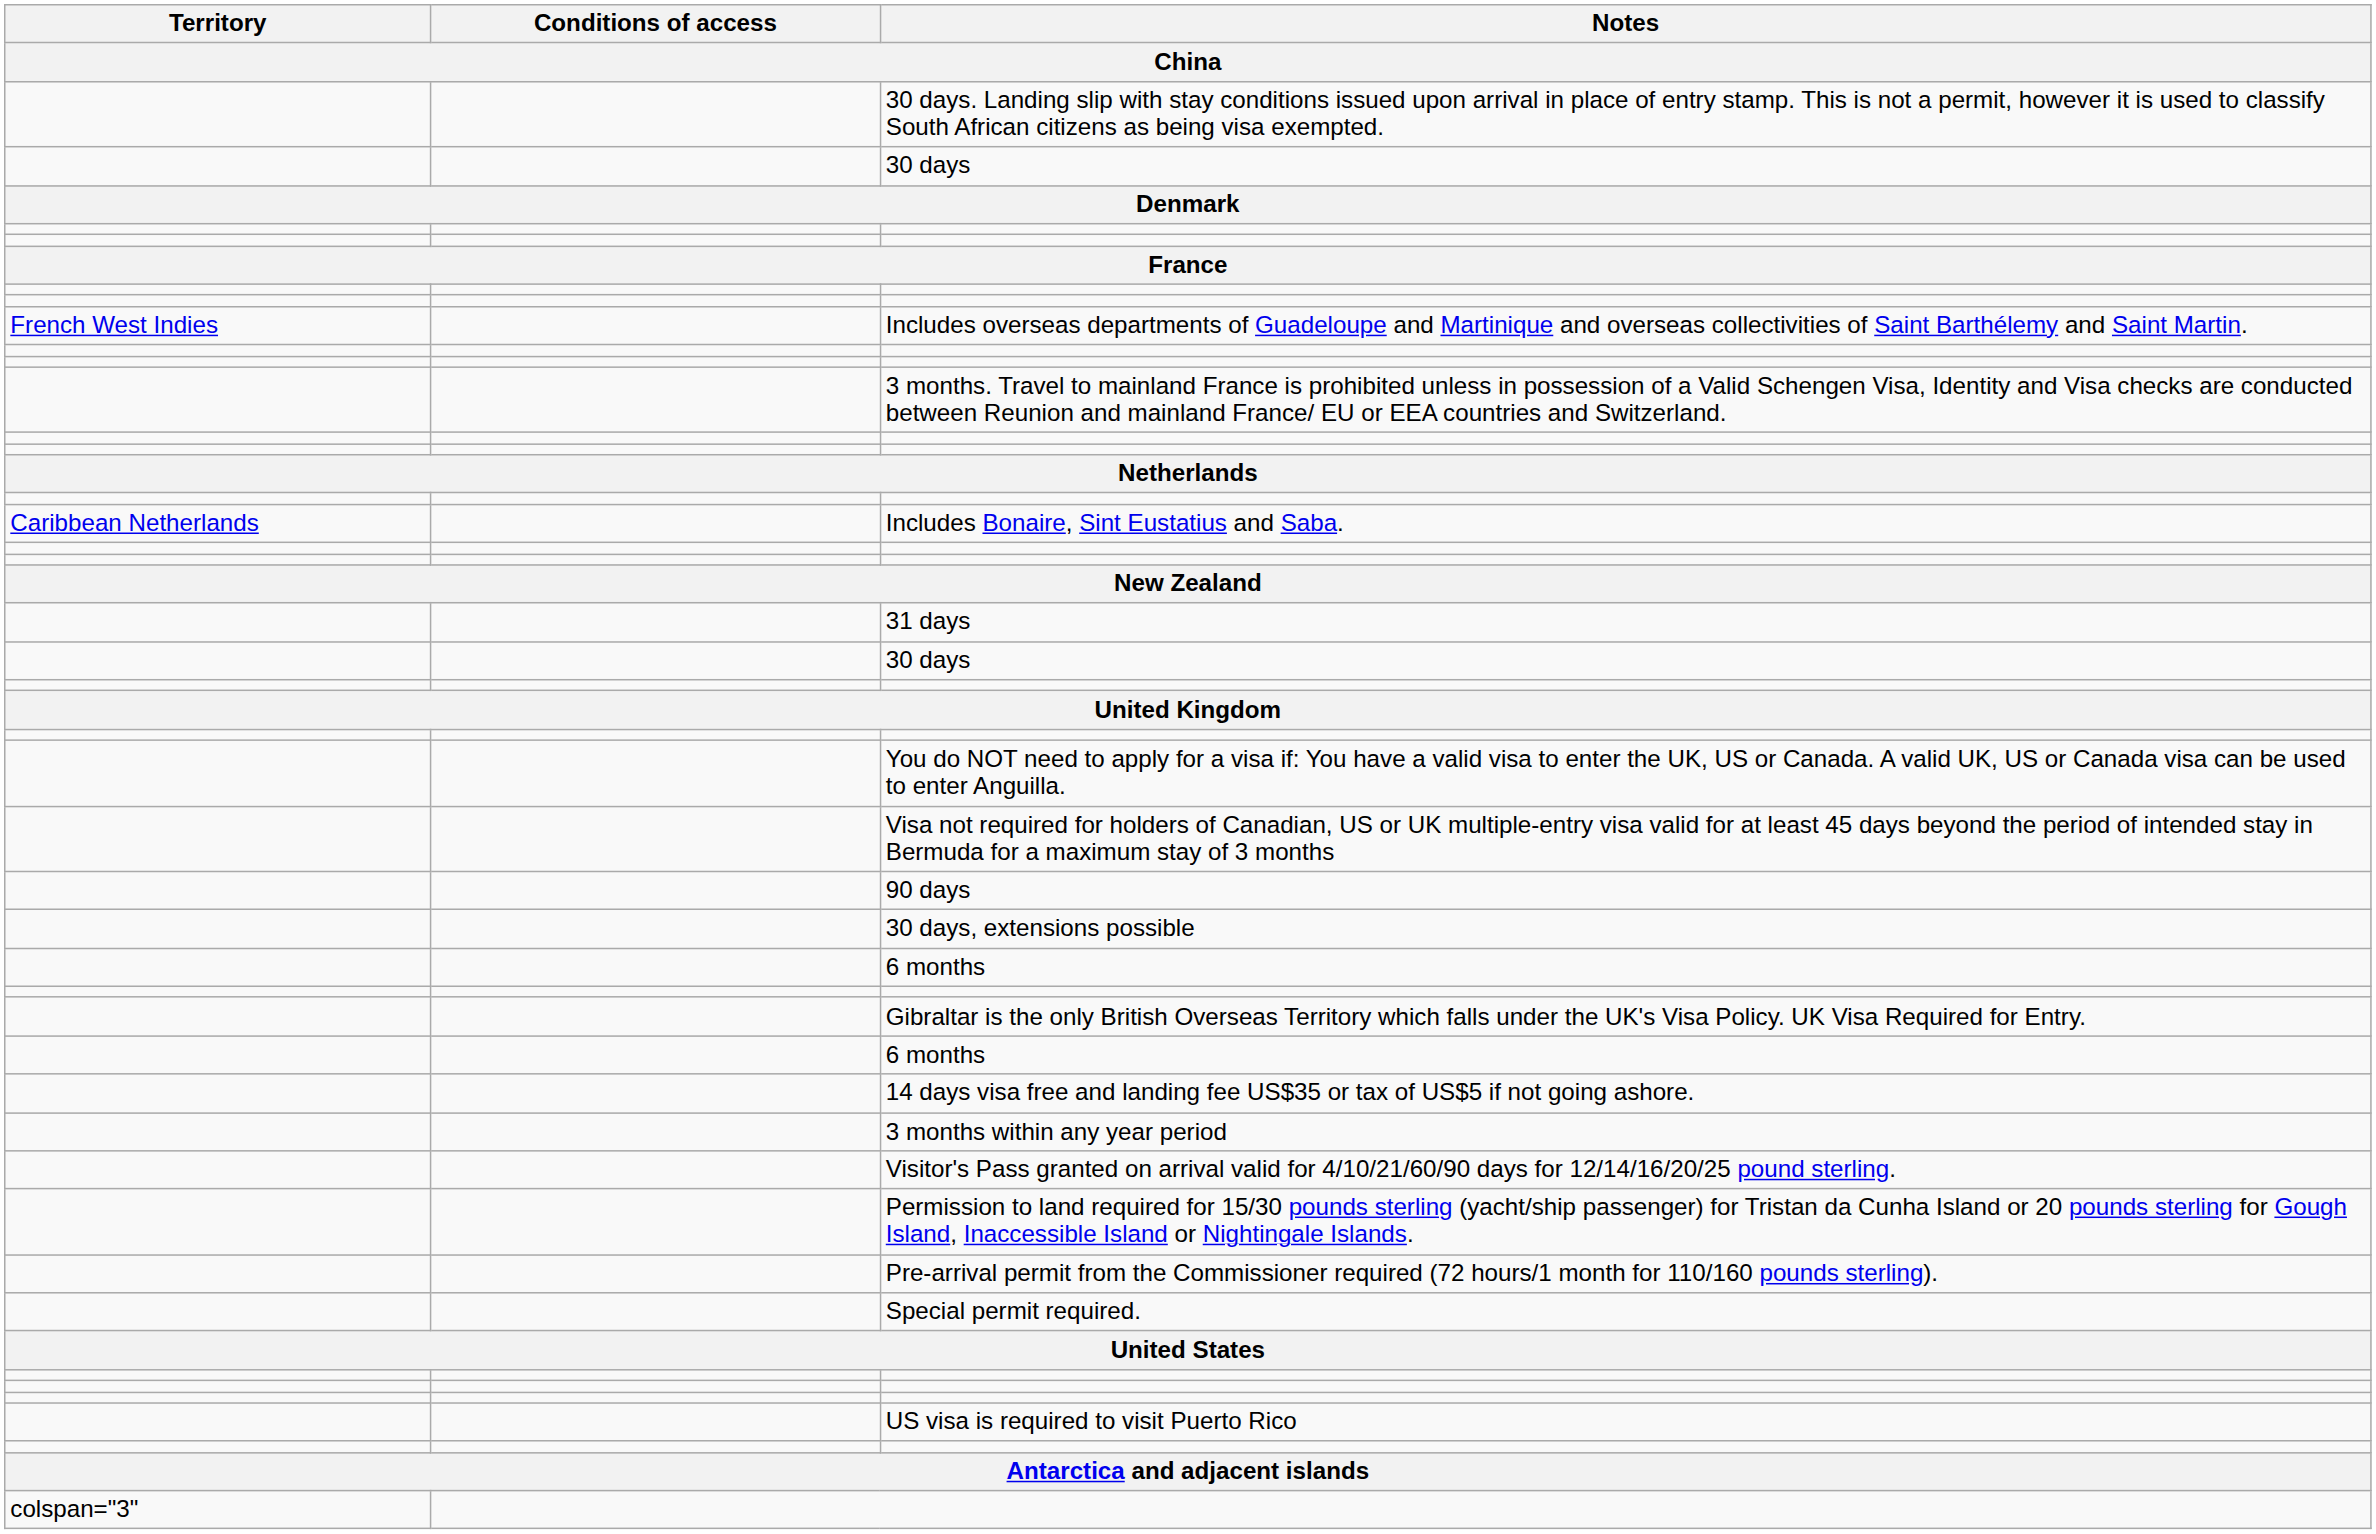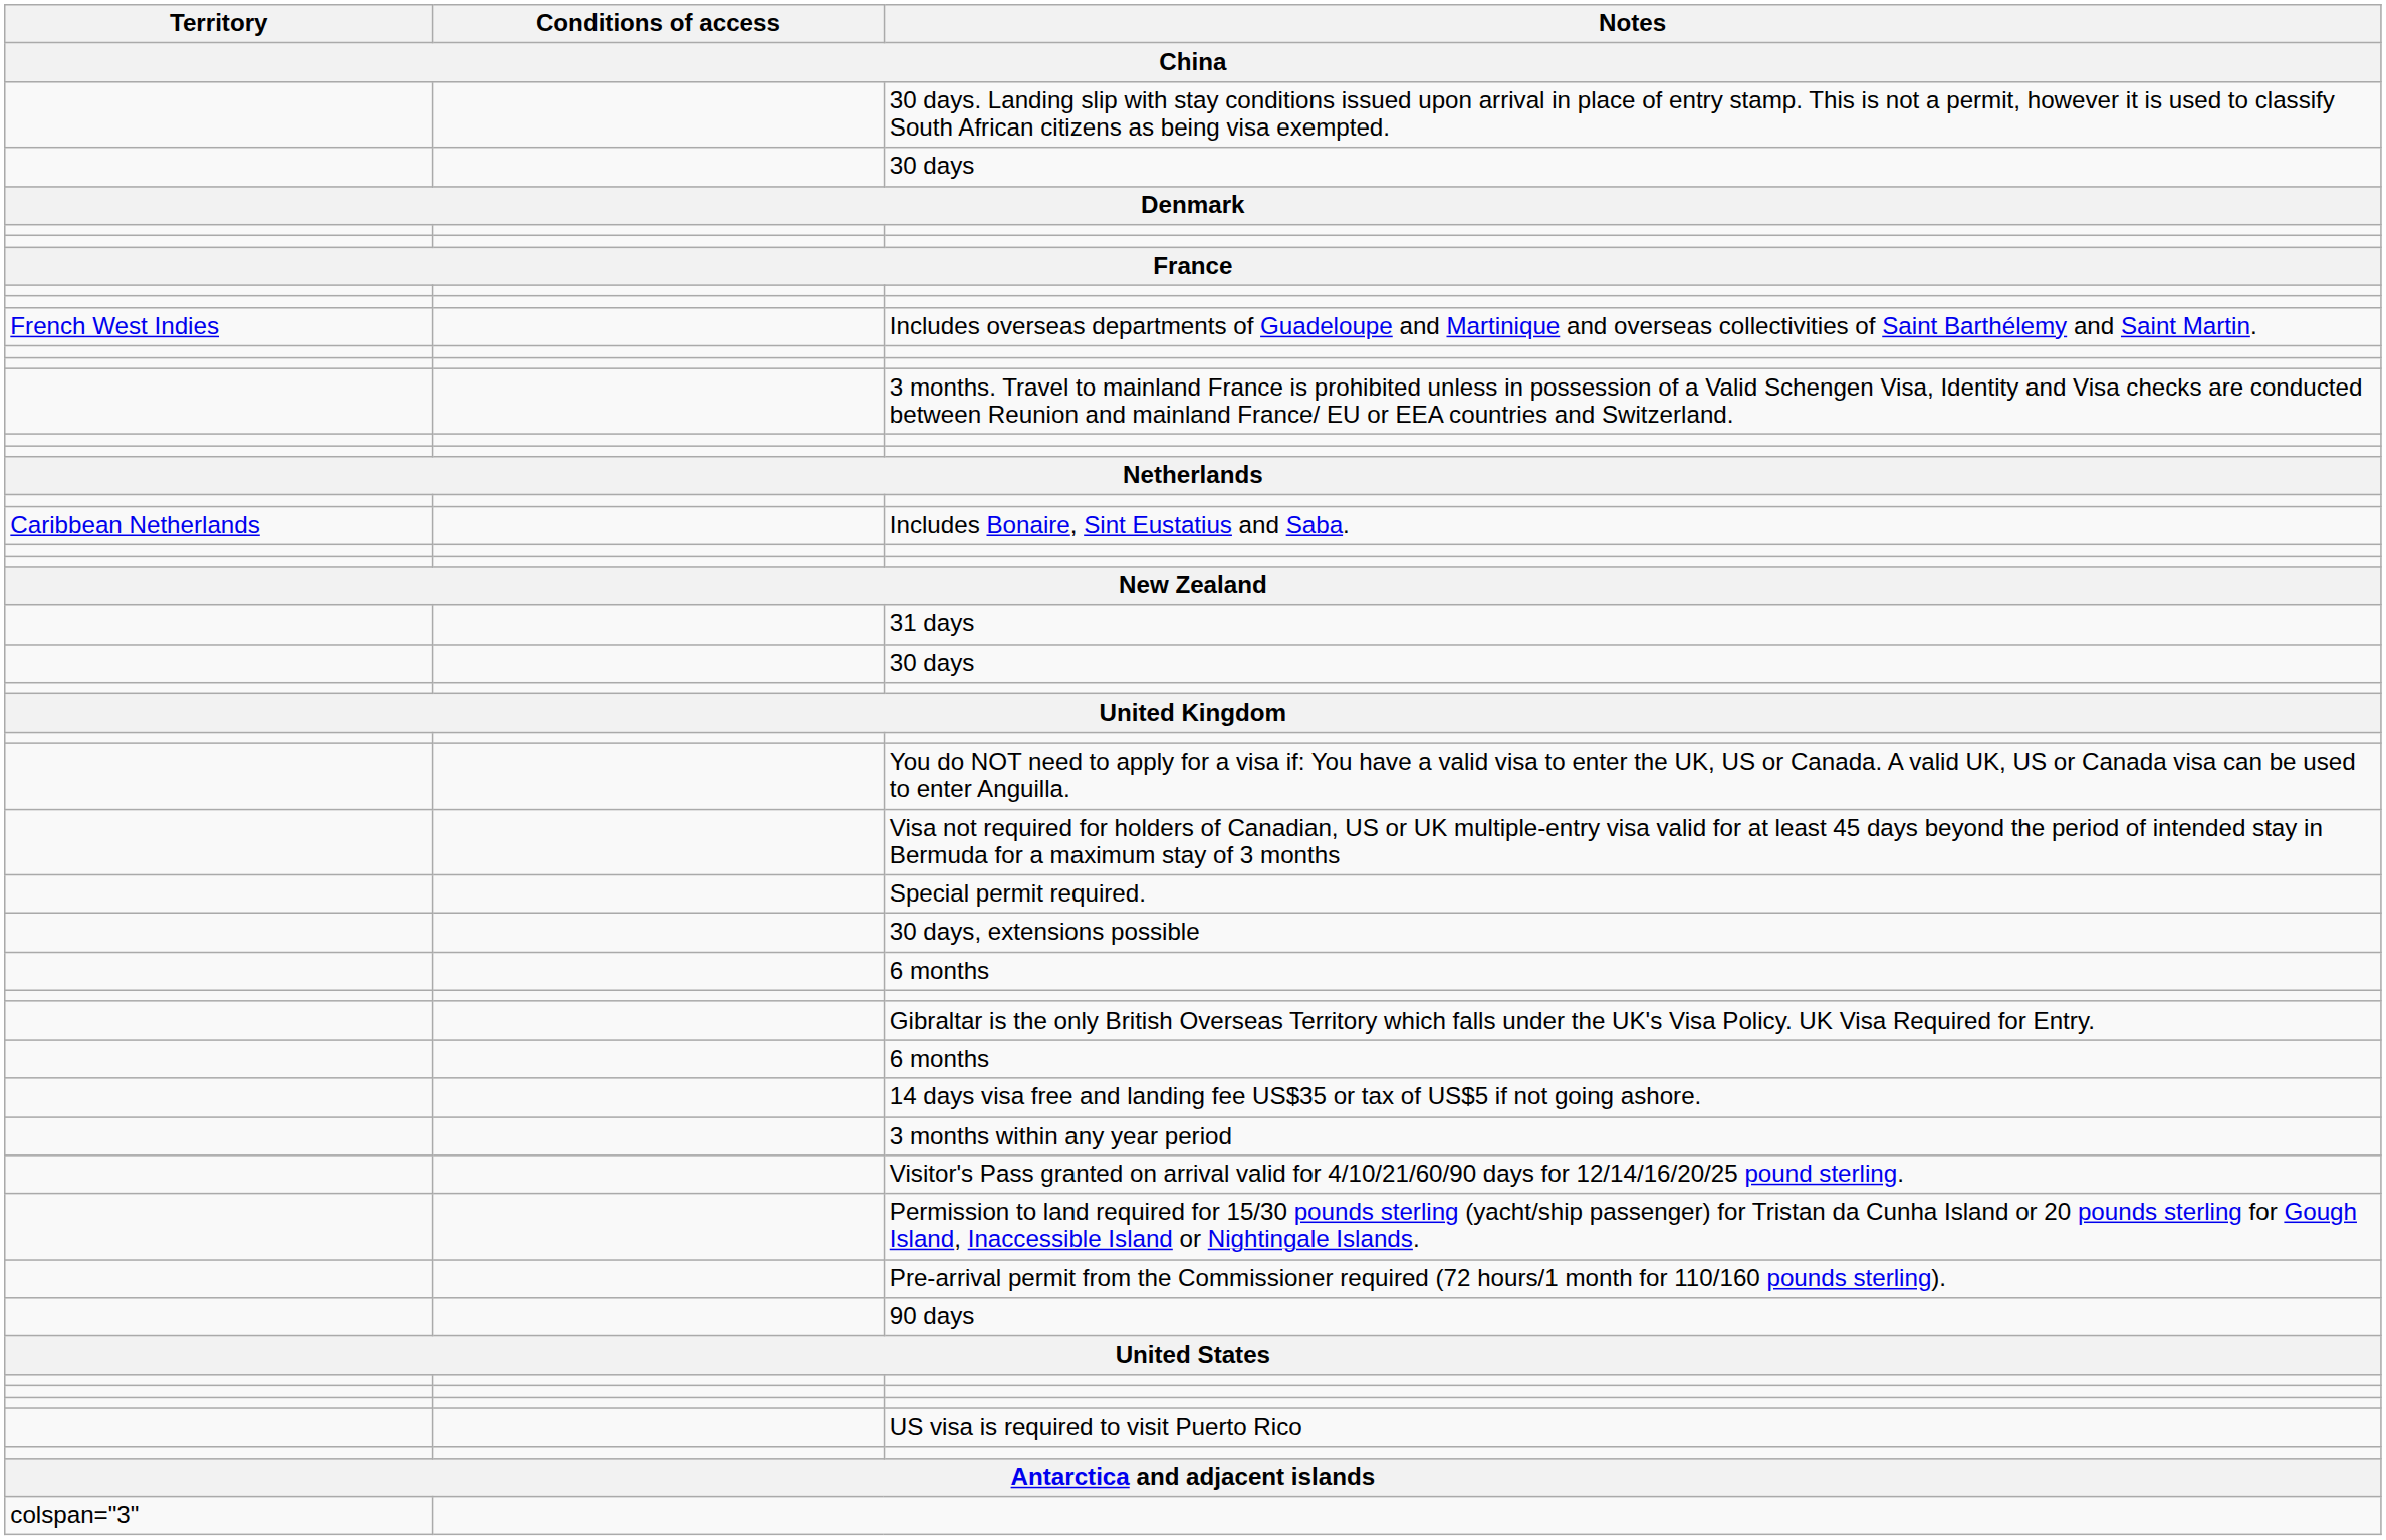 <table class="wikitable" style="text-align: left; table-layout: fixed;">
 <tr>
 <th style="width:18%;">Territory</th>
 <th style="width:19%;">Conditions of access</th>
 <th>Notes</th>
 </tr>
 <tr>
 <th colspan="3">China</th>
 </tr>
 <tr>
 <td></td>
 <td></td>
 <td>30 days. Landing slip with stay conditions issued upon arrival in place of entry stamp. This is not a permit, however it is used to classify South African citizens as being visa exempted.</td>
 </tr>
 <tr>
 <td></td>
 <td></td>
 <td>30 days</td>
 </tr>
 <tr>
 <th colspan="3">Denmark</th>
 </tr>
 <tr>
 <td></td>
 <td></td>
 <td></td>
 </tr>
 <tr>
 <td></td>
 <td></td>
 <td></td>
 </tr>
 <tr>
 <th colspan="3">France</th>
 </tr>
 <tr>
 <td></td>
 <td></td>
 <td></td>
 </tr>
 <tr>
 <td></td>
 <td></td>
 <td></td>
 </tr>
 <tr>
 <td> <a href='#'>French West Indies</a></td>
 <td></td>
 <td>Includes overseas departments of <a href='#'>Guadeloupe</a> and <a href='#'>Martinique</a> and overseas collectivities of <a href='#'>Saint Barthélemy</a> and <a href='#'>Saint Martin</a>.</td>
 </tr>
 <tr>
 <td></td>
 <td></td>
 <td></td>
 </tr>
 <tr>
 <td></td>
 <td></td>
 <td></td>
 </tr>
 <tr>
 <td></td>
 <td></td>
 <td>3 months. Travel to mainland France is prohibited unless in possession of a Valid Schengen Visa, Identity and Visa checks are conducted between Reunion and mainland France/ EU or EEA countries and Switzerland.</td>
 </tr>
 <tr>
 <td></td>
 <td></td>
 <td></td>
 </tr>
 <tr>
 <td></td>
 <td></td>
 <td></td>
 </tr>
 <tr>
 <th colspan="3">Netherlands</th>
 </tr>
 <tr>
 <td></td>
 <td></td>
 <td></td>
 </tr>
 <tr>
 <td> <a href='#'>Caribbean Netherlands</a></td>
 <td></td>
 <td>Includes <a href='#'>Bonaire</a>, <a href='#'>Sint Eustatius</a> and <a href='#'>Saba</a>.</td>
 </tr>
 <tr>
 <td></td>
 <td></td>
 <td></td>
 </tr>
 <tr>
 <td></td>
 <td></td>
 <td></td>
 </tr>
 <tr>
 <th colspan="3">New Zealand</th>
 </tr>
 <tr>
 <td></td>
 <td></td>
 <td>31 days</td>
 </tr>
 <tr>
 <td></td>
 <td></td>
 <td>30 days</td>
 </tr>
 <tr>
 <td></td>
 <td></td>
 <td></td>
 </tr>
 <tr>
 <th colspan="3">United Kingdom</th>
 </tr>
 <tr>
 <td></td>
 <td></td>
 <td></td>
 </tr>
 <tr>
 <td></td>
 <td></td>
 <td>You do NOT need to apply for a visa if: You have a valid visa to enter the UK, US or Canada. A valid UK, US or Canada visa can be used to enter Anguilla.</td>
 </tr>
 <tr>
 <td></td>
 <td></td>
 <td>Visa not required for holders of Canadian, US or UK multiple-entry visa valid for at least 45 days beyond the period of intended stay in Bermuda for a maximum stay of 3 months</td>
 </tr>
 <tr>
 <td></td>
 <td></td>
-<td>90 days</td>
+<td>Special permit required.</td>
 </tr>
 <tr>
 <td></td>
 <td></td>
 <td>30 days, extensions possible</td>
 </tr>
 <tr>
 <td></td>
 <td></td>
 <td>6 months</td>
 </tr>
 <tr>
 <td></td>
 <td></td>
 <td></td>
 </tr>
 <tr>
 <td></td>
 <td></td>
 <td>Gibraltar is the only British Overseas Territory which falls under the UK's Visa Policy. UK Visa Required for Entry.</td>
 </tr>
 <tr>
 <td></td>
 <td></td>
 <td>6 months</td>
 </tr>
 <tr>
 <td></td>
 <td></td>
 <td>14 days visa free and landing fee US$35 or tax of US$5 if not going ashore.</td>
 </tr>
 <tr>
 <td></td>
 <td></td>
 <td>3 months within any year period</td>
 </tr>
 <tr>
 <td></td>
 <td></td>
 <td>Visitor's Pass granted on arrival valid for 4/10/21/60/90 days for 12/14/16/20/25 <a href='#'>pound sterling</a>.</td>
 </tr>
 <tr>
 <td></td>
 <td></td>
 <td>Permission to land required for 15/30 <a href='#'>pounds sterling</a> (yacht/ship passenger) for Tristan da Cunha Island or 20 <a href='#'>pounds sterling</a> for <a href='#'>Gough Island</a>, <a href='#'>Inaccessible Island</a> or <a href='#'>Nightingale Islands</a>.</td>
 </tr>
 <tr>
 <td></td>
 <td></td>
 <td>Pre-arrival permit from the Commissioner required (72 hours/1 month for 110/160 <a href='#'>pounds sterling</a>).</td>
 </tr>
 <tr>
 <td></td>
 <td></td>
-<td>Special permit required.</td>
+<td>90 days</td>
 </tr>
 <tr>
 <th colspan="3">United States</th>
 </tr>
 <tr>
 <td></td>
 <td></td>
 <td></td>
 </tr>
 <tr>
 <td></td>
 <td></td>
 <td></td>
 </tr>
 <tr>
 <td></td>
 <td></td>
 <td></td>
 </tr>
 <tr>
 <td></td>
 <td></td>
 <td>US visa is required to visit Puerto Rico</td>
 </tr>
 <tr>
 <td></td>
 <td></td>
 <td></td>
 </tr>
 <tr>
 <th colspan="3"><a href='#'>Antarctica</a> and adjacent islands</th>
 </tr>
 <tr>
 <td>colspan="3" </td>
 </tr>
 </table>
